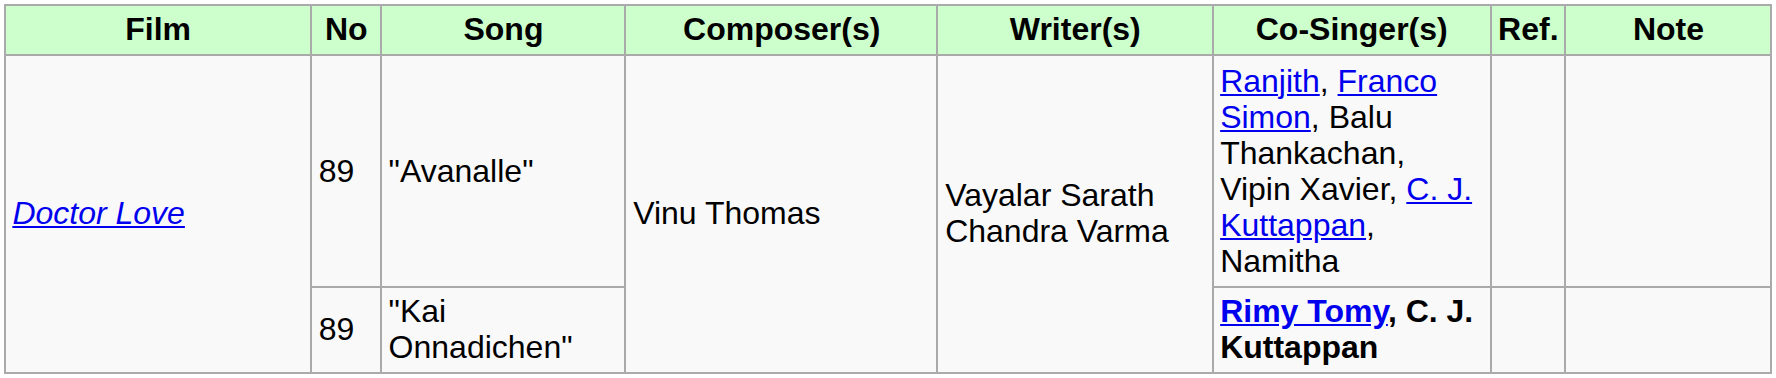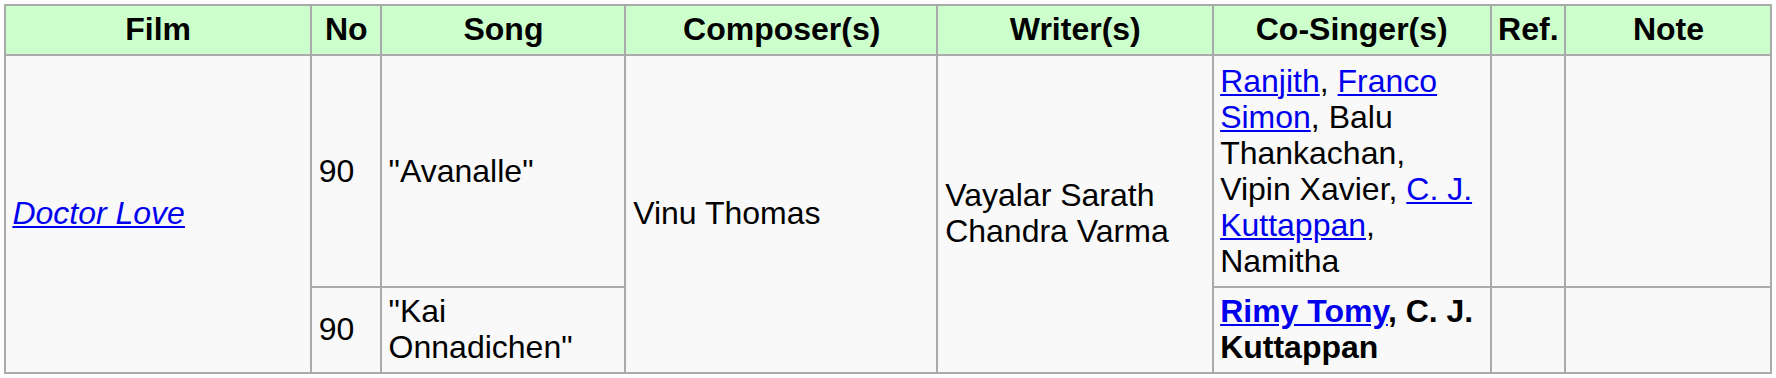 <table class="wikitable plainrowheaders" style="width:100%;" textcolor:#000;" style="align:center;">
 <tr style="background:#cfc; text-align:center;">
 <td scope="col" style="width:18%;"><strong>Film</strong></td>
 <td scope="col" style="width:4%;"><strong>No</strong></td>
 <td scope="col" style="width:14%;"><strong>Song</strong></td>
 <td scope="col" style="width:18%;"><strong>Composer(s)</strong></td>
 <td scope="col" style="width:16%;"><strong>Writer(s)</strong></td>
 <td scope="col" style="width:16%;"><strong>Co-Singer(s)</strong></td>
 <td scope="col" style="width:2%;"><strong>Ref.</strong></td>
 <td scope="col" style="width:12%;"><strong>Note</strong></td>
 </tr>
 <tr>
 <td rowspan="2"><em><a href='#'>Doctor Love</a></em></td>
-<td>89</td>
+<td>90</td>
 <td>"Avanalle"</td>
 <td rowspan="2">Vinu Thomas</td>
 <td rowspan="2">Vayalar Sarath Chandra Varma</td>
 <td><a href='#'>Ranjith</a>, <a href='#'>Franco Simon</a>, Balu Thankachan, Vipin Xavier, <a href='#'>C. J. Kuttappan</a>, Namitha</td>
 <td></td>
 <td></td>
 </tr>
 <tr>
-<td>89</td>
+<td>90</td>
 <td>"Kai Onnadichen"</td>
 <td><strong><a href='#'>Rimy Tomy</a>, C. J. Kuttappan</strong></td>
 <td></td>
 <td></td>
 </tr>
 </table>
